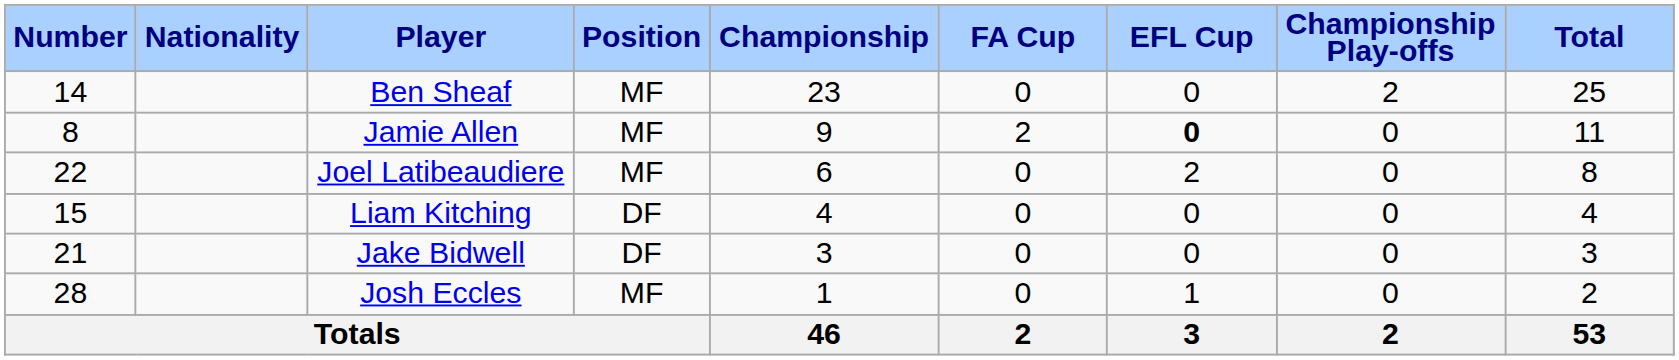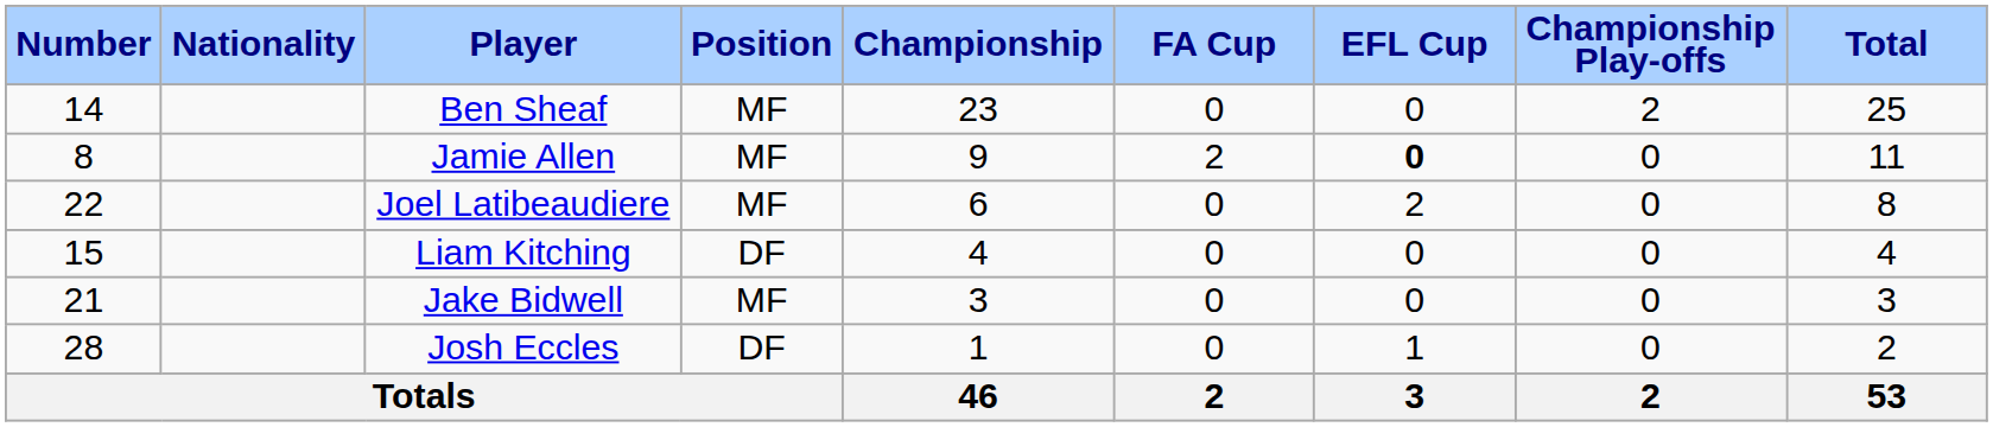 <table class="wikitable sortable alternance" style="font-size:100%; text-align:center; line-height:14px; width:100%;">
 <tr>
 <th style="background:#AAD0FF; color:#000080; width:50px;">Number</th>
 <th style="background:#AAD0FF; color:#000080; width:50px;">Nationality</th>
 <th style="background:#AAD0FF; color:#000080; width:130px;">Player</th>
 <th style="background:#AAD0FF; color:#000080; width:50px;">Position</th>
 <th style="background:#AAD0FF; color:#000080; width:80px;">Championship</th>
 <th style="background:#AAD0FF; color:#000080; width:80px;">FA Cup</th>
 <th style="background:#AAD0FF; color:#000080; width:80px;">EFL Cup</th>
 <th style="background:#AAD0FF; color:#000080; width:100px;">Championship Play-offs</th>
 <th style="background:#AAD0FF; color:#000080; width:80px;">Total</th>
 </tr>
 <tr>
 <td>14</td>
 <td></td>
 <td><a href='#'>Ben Sheaf</a></td>
 <td>MF</td>
 <td>23</td>
 <td>0</td>
 <td>0</td>
 <td>2</td>
 <td>25</td>
 </tr>
 <tr>
 <td>8</td>
 <td></td>
 <td><a href='#'>Jamie Allen</a></td>
 <td>MF</td>
 <td>9</td>
 <td>2</td>
 <td><strong>0</strong></td>
 <td>0</td>
 <td>11</td>
 </tr>
 <tr>
 <td>22</td>
 <td></td>
 <td><a href='#'>Joel Latibeaudiere</a></td>
 <td>MF</td>
 <td>6</td>
 <td>0</td>
 <td>2</td>
 <td>0</td>
 <td>8</td>
 </tr>
 <tr>
 <td>15</td>
 <td></td>
 <td><a href='#'>Liam Kitching</a></td>
 <td>DF</td>
 <td>4</td>
 <td>0</td>
 <td>0</td>
 <td>0</td>
 <td>4</td>
 </tr>
 <tr>
 <td>21</td>
 <td></td>
 <td><a href='#'>Jake Bidwell</a></td>
-<td>DF</td>
+<td>MF</td>
 <td>3</td>
 <td>0</td>
 <td>0</td>
 <td>0</td>
 <td>3</td>
 </tr>
 <tr>
 <td>28</td>
 <td></td>
 <td><a href='#'>Josh Eccles</a></td>
-<td>MF</td>
+<td>DF</td>
 <td>1</td>
 <td>0</td>
 <td>1</td>
 <td>0</td>
 <td>2</td>
 </tr>
 <tr class="sortbottom">
 <th colspan="4">Totals</th>
 <th>46</th>
 <th>2</th>
 <th>3</th>
 <th>2</th>
 <th>53</th>
 </tr>
 </table>
